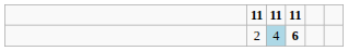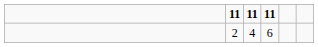 <table class="wikitable">
 <tr>
 <td style="width:18em"><strong> </strong></td>
 <td align=center style="width:1em"><strong>11</strong></td>
 <td align=center style="width:1em"><strong>11</strong></td>
 <td align=center style="width:1em"><strong>11</strong></td>
 <td align=center style="width:1em"></td>
 <td align=center style="width:1em"></td>
 </tr>
 <tr>
 <td style="width:18em"></td>
 <td align=center style="width:1em">2</td>
-<td align=center style="background: lightblue; width:1em">4</td>
-<td align=center style="width:1em"><strong>6</strong></td>
+<td align=center style="width:1em">4</td>
+<td align=center style="width:1em">6</td>
 <td align=center style="width:1em"></td>
 <td align=center style="width:1em"></td>
 </tr>
 </table>
